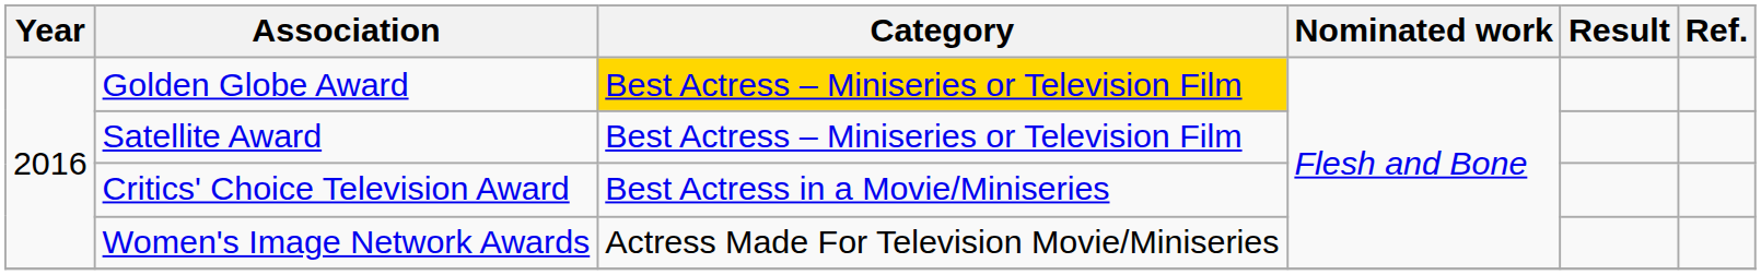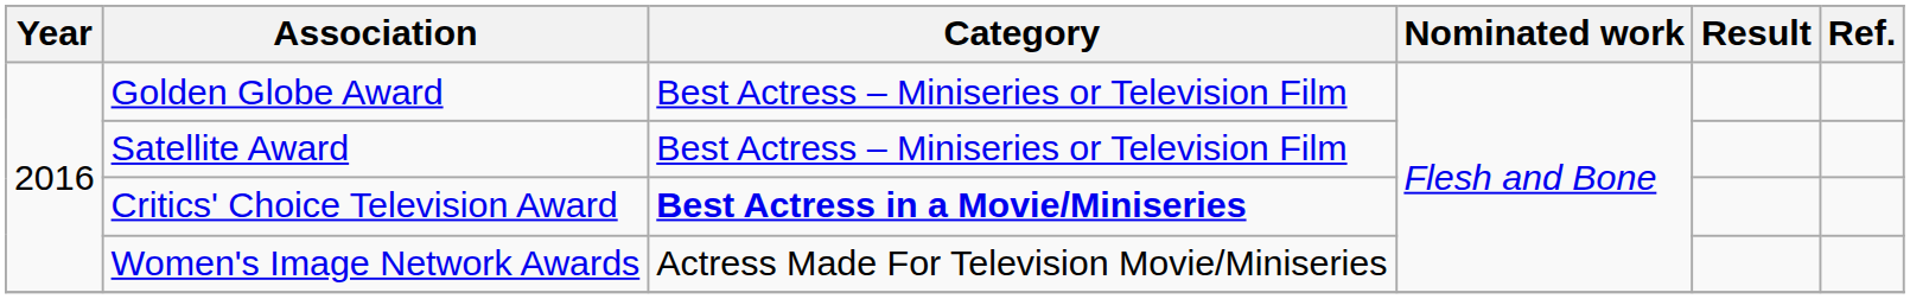 <table class="wikitable sortable">
 <tr>
 <th>Year</th>
 <th>Association</th>
 <th>Category</th>
 <th>Nominated work</th>
 <th>Result</th>
 <th>Ref.</th>
 </tr>
 <tr>
 <td rowspan="4">2016</td>
 <td><a href='#'>Golden Globe Award</a></td>
-<td style="background: gold;"><a href='#'>Best Actress – Miniseries or Television Film</a></td>
+<td><a href='#'>Best Actress – Miniseries or Television Film</a></td>
 <td rowspan="4"><em><a href='#'>Flesh and Bone</a></em></td>
 <td></td>
 <td></td>
 </tr>
 <tr>
 <td><a href='#'>Satellite Award</a></td>
 <td><a href='#'>Best Actress – Miniseries or Television Film</a></td>
 <td></td>
 <td></td>
 </tr>
 <tr>
 <td><a href='#'>Critics' Choice Television Award</a></td>
-<td><a href='#'>Best Actress in a Movie/Miniseries</a></td>
+<td><strong><a href='#'>Best Actress in a Movie/Miniseries</a></strong></td>
 <td></td>
 <td></td>
 </tr>
 <tr>
 <td><a href='#'>Women's Image Network Awards</a></td>
 <td>Actress Made For Television Movie/Miniseries</td>
 <td></td>
 <td></td>
 </tr>
 <tr>
 </tr>
 </table>
